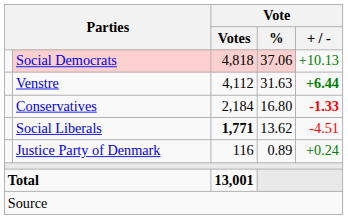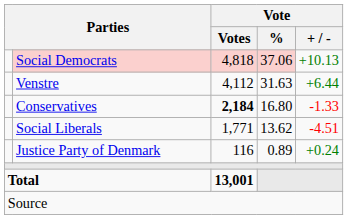 <table class="wikitable" style="text-align:right;">
 <tr>
 <th style="text-align:centre;" rowspan="2" colspan="2" width="225">Parties</th>
 <th colspan="3">Vote</th>
 </tr>
 <tr>
 <th width="15">Votes</th>
 <th width="15">%</th>
 <th width="15">+ / -</th>
 </tr>
 <tr>
 <td width="2" style="color:inherit;background:"></td>
 <td bgcolor=#fbd0ce  align="left"><a href='#'>Social Democrats</a></td>
 <td bgcolor=#fbd0ce>4,818</td>
 <td bgcolor=#fbd0ce>37.06</td>
 <td style=color:green;>+10.13</td>
 </tr>
 <tr>
 <td width="2" style="color:inherit;background:"></td>
 <td align="left"><a href='#'>Venstre</a></td>
 <td>4,112</td>
 <td>31.63</td>
-<td style=color:green;><strong>+6.44</strong></td>
+<td style=color:green;>+6.44</td>
 </tr>
 <tr>
 <td width="2" style="color:inherit;background:"></td>
 <td align="left"><a href='#'>Conservatives</a></td>
-<td>2,184</td>
+<td><strong>2,184</strong></td>
 <td>16.80</td>
-<td style=color:red;><strong>-1.33</strong></td>
+<td style=color:red;>-1.33</td>
 </tr>
 <tr>
 <td width="2" style="color:inherit;background:"></td>
 <td align="left"><a href='#'>Social Liberals</a></td>
-<td><strong>1,771</strong></td>
+<td>1,771</td>
 <td>13.62</td>
 <td style=color:red;>-4.51</td>
 </tr>
 <tr>
 <td width="2" style="color:inherit;background:"></td>
 <td align="left"><a href='#'>Justice Party of Denmark</a></td>
 <td>116</td>
 <td>0.89</td>
 <td style=color:green;>+0.24</td>
 </tr>
 <tr>
 <td colspan="7" bgcolor="#E9E9E9"></td>
 </tr>
 <tr>
 <td align="left" colspan="2"><strong>Total</strong></td>
 <td><strong>13,001</strong></td>
 <td bgcolor="#E9E9E9" colspan="2"></td>
 </tr>
 <tr>
 <td align="left" colspan="6">Source</td>
 </tr>
 </table>
